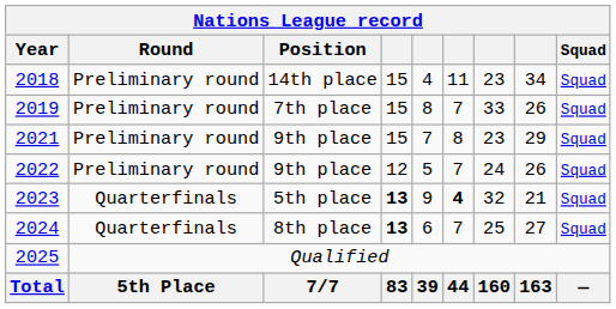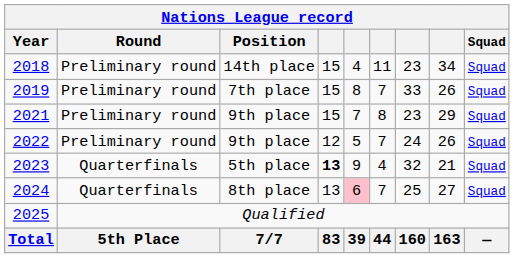 <table class="wikitable" style="text-align: center;">
 <tr>
 <th colspan=9><a href='#'>Nations League record</a></th>
 </tr>
 <tr>
 <th>Year</th>
 <th>Round</th>
 <th>Position</th>
 <th></th>
 <th></th>
 <th></th>
 <th></th>
 <th></th>
 <th><small>Squad</small></th>
 </tr>
 <tr>
 <td> <a href='#'>2018</a></td>
 <td>Preliminary round</td>
 <td>14th place</td>
 <td>15</td>
 <td>4</td>
 <td>11</td>
 <td>23</td>
 <td>34</td>
 <td><small><a href='#'>Squad</a></small></td>
 </tr>
 <tr>
 <td> <a href='#'>2019</a></td>
 <td>Preliminary round</td>
 <td>7th place</td>
 <td>15</td>
 <td>8</td>
 <td>7</td>
 <td>33</td>
 <td>26</td>
 <td><small><a href='#'>Squad</a></small></td>
 </tr>
 <tr>
 <td> <a href='#'>2021</a></td>
 <td>Preliminary round</td>
 <td>9th place</td>
 <td>15</td>
 <td>7</td>
 <td>8</td>
 <td>23</td>
 <td>29</td>
 <td><small><a href='#'>Squad</a></small></td>
 </tr>
 <tr>
 <td> <a href='#'>2022</a></td>
 <td>Preliminary round</td>
 <td>9th place</td>
 <td>12</td>
 <td>5</td>
 <td>7</td>
 <td>24</td>
 <td>26</td>
 <td><small><a href='#'>Squad</a></small></td>
 </tr>
 <tr>
 <td> <a href='#'>2023</a></td>
 <td>Quarterfinals</td>
 <td>5th place</td>
 <td><strong>13</strong></td>
 <td>9</td>
-<td><strong>4</strong></td>
+<td>4</td>
 <td>32</td>
 <td>21</td>
 <td><small><a href='#'>Squad</a></small></td>
 </tr>
 <tr>
 <td> <a href='#'>2024</a></td>
 <td>Quarterfinals</td>
 <td>8th place</td>
-<td><strong>13</strong></td>
-<td>6</td>
+<td>13</td>
+<td style="background: pink;">6</td>
 <td>7</td>
 <td>25</td>
 <td>27</td>
 <td><small><a href='#'>Squad</a></small></td>
 </tr>
 <tr>
 <td> <a href='#'>2025</a></td>
 <td colspan=8><em>Qualified</em></td>
 </tr>
 <tr>
 <th><a href='#'>Total</a></th>
 <th>5th Place</th>
 <th>7/7</th>
 <th>83</th>
 <th>39</th>
 <th>44</th>
 <th>160</th>
 <th>163</th>
 <th>—</th>
 </tr>
 </table>
